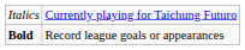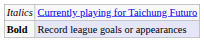 <table class="wikitable">
 <tr>
 <td><em>Italics</em></td>
 <td><a href='#'>Currently playing for Taichung Futuro</a></td>
 </tr>
 <tr>
 <td><strong>Bold</strong></td>
-<td>Record league goals or appearances</td>
+<td style="background: lavender;">Record league goals or appearances</td>
 </tr>
 </table>
